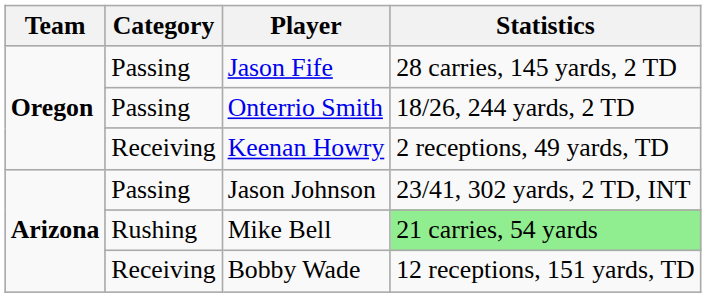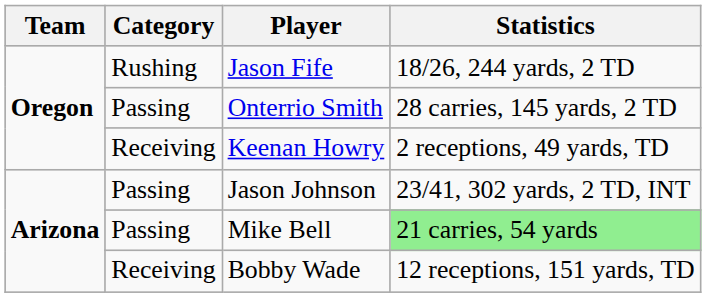 <table class="wikitable" style="float: right;">
 <tr>
 <th>Team</th>
 <th>Category</th>
 <th>Player</th>
 <th>Statistics</th>
 </tr>
 <tr>
 <td rowspan=3><strong>Oregon</strong></td>
-<td>Passing</td>
+<td>Rushing</td>
 <td><a href='#'>Jason Fife</a></td>
-<td>28 carries, 145 yards, 2 TD</td>
+<td>18/26, 244 yards, 2 TD</td>
 </tr>
 <tr>
 <td>Passing</td>
 <td><a href='#'>Onterrio Smith</a></td>
-<td>18/26, 244 yards, 2 TD</td>
+<td>28 carries, 145 yards, 2 TD</td>
 </tr>
 <tr>
 <td>Receiving</td>
 <td><a href='#'>Keenan Howry</a></td>
 <td>2 receptions, 49 yards, TD</td>
 </tr>
 <tr>
 <td rowspan=3><strong>Arizona</strong></td>
 <td>Passing</td>
 <td>Jason Johnson</td>
 <td>23/41, 302 yards, 2 TD, INT</td>
 </tr>
 <tr>
-<td>Rushing</td>
+<td>Passing</td>
 <td>Mike Bell</td>
 <td style="background: lightgreen;">21 carries, 54 yards</td>
 </tr>
 <tr>
 <td>Receiving</td>
 <td>Bobby Wade</td>
 <td>12 receptions, 151 yards, TD</td>
 </tr>
 </table>
